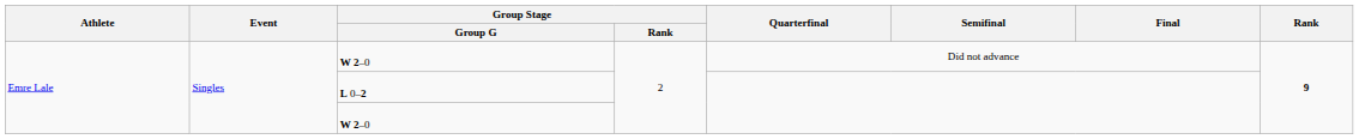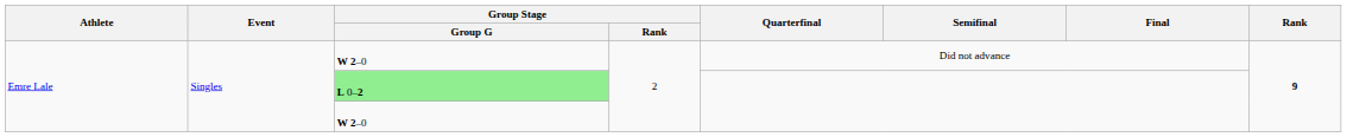 <table class="wikitable" width="90%" style="text-align:left; font-size:90%">
 <tr>
 <th rowspan="2" width="10%">Athlete</th>
 <th rowspan="2" width="8%">Event</th>
 <th colspan="2">Group Stage</th>
 <th rowspan="2" width="10%">Quarterfinal</th>
 <th rowspan="2" width="10%">Semifinal</th>
 <th rowspan="2" width="10%">Final</th>
 <th rowspan="2" width="5%">Rank</th>
 </tr>
 <tr>
 <th width="15%">Group G</th>
 <th width="5%">Rank</th>
 </tr>
 <tr>
 <td rowspan="3"><a href='#'>Emre Lale</a></td>
 <td rowspan="3"><a href='#'>Singles</a></td>
 <td><br><strong>W</strong> <strong>2</strong>–0</td>
 <td rowspan="3" align=center>2</td>
 <td colspan="3" align=center>Did not advance</td>
 <td rowspan="3" align="center"><strong>9</strong></td>
 </tr>
 <tr>
-<td><br><strong>L</strong> 0–<strong>2</strong></td>
+<td style="background: lightgreen;"><br><strong>L</strong> 0–<strong>2</strong></td>
 </tr>
 <tr>
 <td><br><strong>W</strong> <strong>2</strong>–0</td>
 </tr>
 </table>
